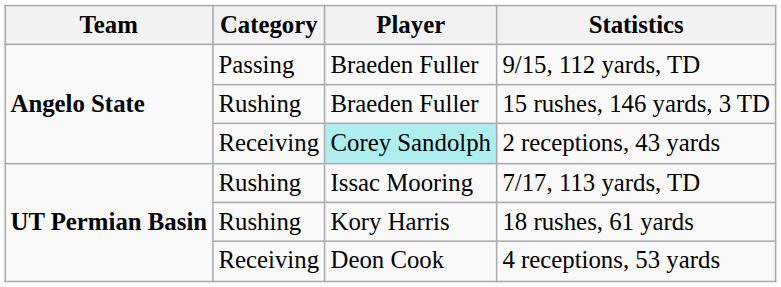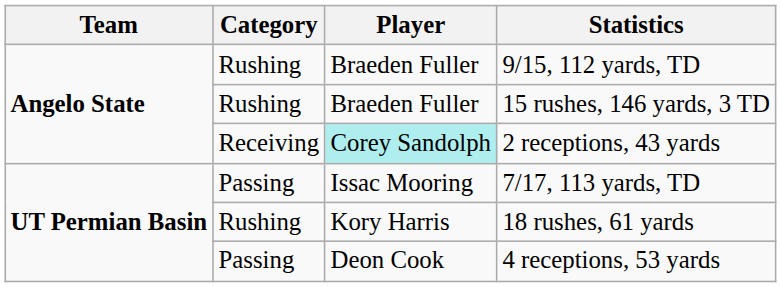 <table class="wikitable" style="float: right;">
 <tr>
 <th>Team</th>
 <th>Category</th>
 <th>Player</th>
 <th>Statistics</th>
 </tr>
 <tr>
 <td rowspan=3><strong>Angelo State</strong></td>
-<td>Passing</td>
+<td>Rushing</td>
 <td>Braeden Fuller</td>
 <td>9/15, 112 yards, TD</td>
 </tr>
 <tr>
 <td>Rushing</td>
 <td>Braeden Fuller</td>
 <td>15 rushes, 146 yards, 3 TD</td>
 </tr>
 <tr>
 <td>Receiving</td>
 <td style="background: paleturquoise;">Corey Sandolph</td>
 <td>2 receptions, 43 yards</td>
 </tr>
 <tr>
 <td rowspan=3><strong>UT Permian Basin</strong></td>
-<td>Rushing</td>
+<td>Passing</td>
 <td>Issac Mooring</td>
 <td>7/17, 113 yards, TD</td>
 </tr>
 <tr>
 <td>Rushing</td>
 <td>Kory Harris</td>
 <td>18 rushes, 61 yards</td>
 </tr>
 <tr>
-<td>Receiving</td>
+<td>Passing</td>
 <td>Deon Cook</td>
 <td>4 receptions, 53 yards</td>
 </tr>
 </table>
